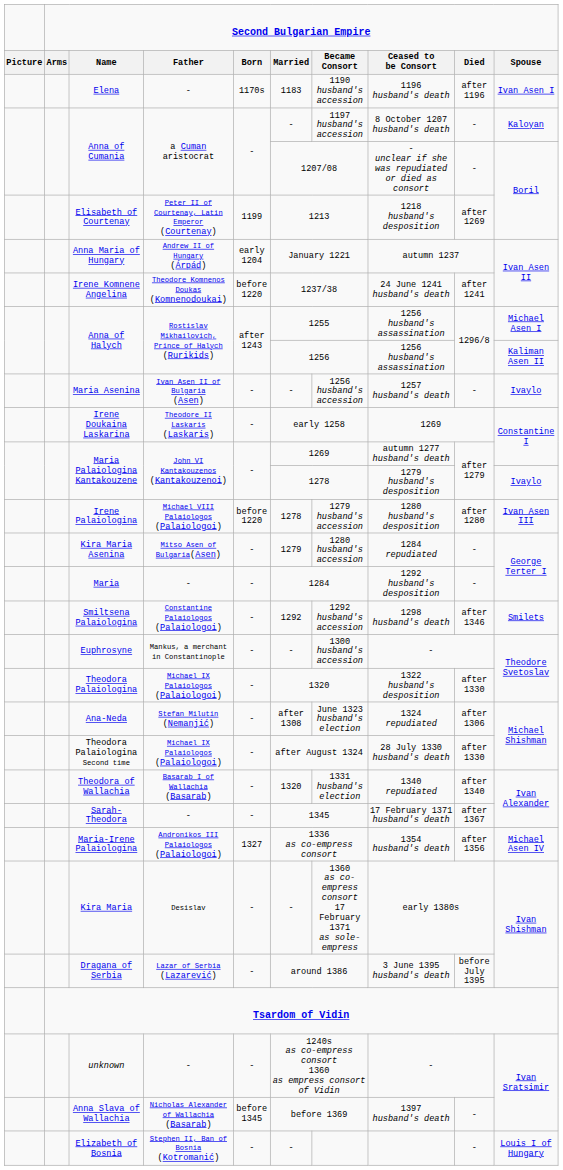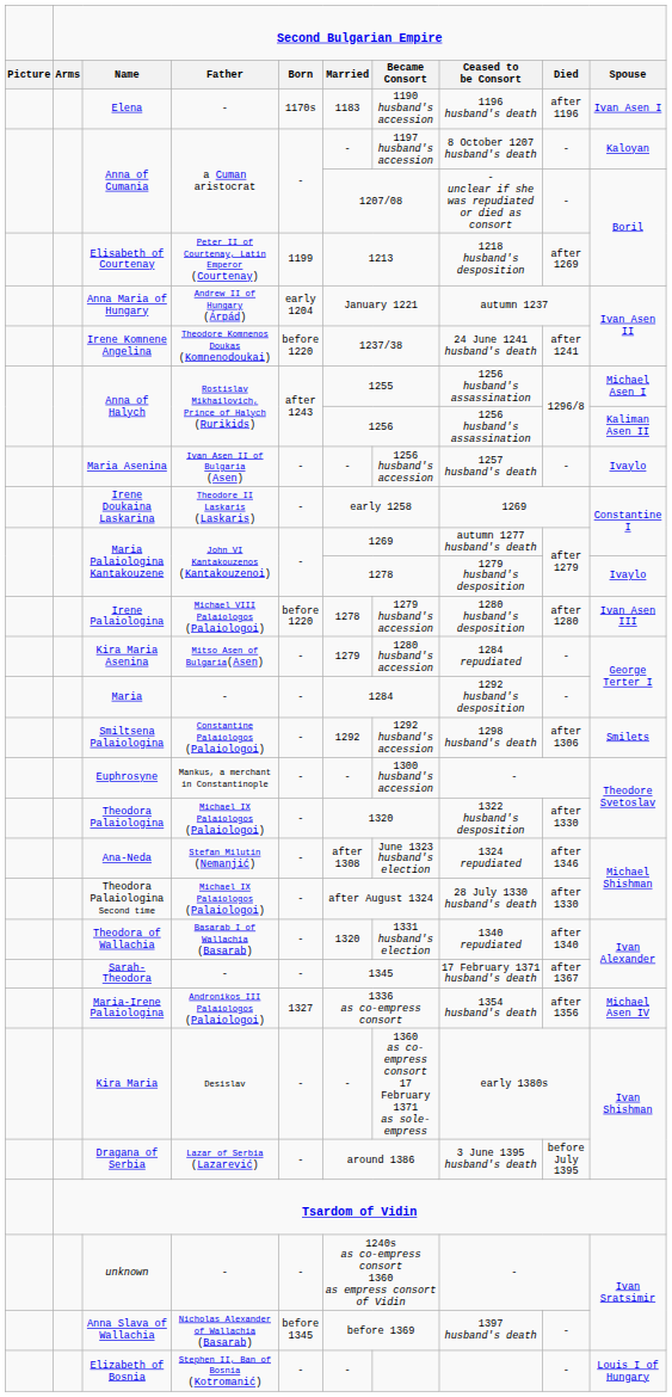 <table width=95% class="wikitable">
 <tr>
 <td></td>
 <td colspan="9" align="center"><br><h3><a href='#'>Second Bulgarian Empire</a></h3></td>
 </tr>
 <tr>
 <th>Picture</th>
 <th>Arms</th>
 <th>Name</th>
 <th>Father</th>
 <th>Born</th>
 <th>Married</th>
 <th>Became<br>Consort</th>
 <th>Ceased to<br>be Consort</th>
 <th>Died</th>
 <th>Spouse</th>
 </tr>
 <tr>
 <td></td>
 <td align="center"></td>
 <td align="center"><a href='#'>Elena</a></td>
 <td align="center">-</td>
 <td align="center">1170s</td>
 <td align="center">1183</td>
 <td align="center">1190<br><em>husband's accession</em></td>
 <td align="center">1196<br><em>husband's death</em></td>
 <td align="center">after 1196</td>
 <td align="center"><a href='#'>Ivan Asen I</a></td>
 </tr>
 <tr>
 <td rowspan="2"></td>
 <td rowspan="2" align="center"></td>
 <td align="center" rowspan="2"><a href='#'>Anna of Cumania</a></td>
 <td align="center" rowspan="2">a <a href='#'>Cuman</a> aristocrat</td>
 <td align="center" rowspan="2">-</td>
 <td align="center">-</td>
 <td align="center">1197<br><em>husband's accession</em></td>
 <td align="center">8 October 1207<br><em>husband's death</em></td>
 <td align="center">-</td>
 <td align="center"><a href='#'>Kaloyan</a></td>
 </tr>
 <tr>
 <td align="center" colspan="2">1207/08</td>
 <td align="center">-<br><em>unclear if she was repudiated or died as consort</em></td>
 <td align="center">-</td>
 <td align="center" rowspan="2"><a href='#'>Boril</a></td>
 </tr>
 <tr>
 <td></td>
 <td align="center"></td>
 <td align="center"><a href='#'>Elisabeth of Courtenay</a></td>
 <td align="center"><small><a href='#'>Peter II of Courtenay, Latin Emperor</a></small><br>(<a href='#'>Courtenay</a>)</td>
 <td align="center">1199</td>
 <td align="center" colspan="2">1213</td>
 <td align="center">1218<br><em>husband's desposition</em></td>
 <td align="center">after 1269</td>
 </tr>
 <tr>
 <td></td>
 <td align="center"></td>
 <td align="center"><a href='#'>Anna Maria of Hungary</a></td>
 <td align="center"><small><a href='#'>Andrew II of Hungary</a></small><br>(<a href='#'>Árpád</a>)</td>
 <td align="center">early 1204</td>
 <td align="center" colspan="2">January 1221</td>
 <td align="center" colspan="2">autumn 1237</td>
 <td align="center" rowspan="2"><a href='#'>Ivan Asen II</a></td>
 </tr>
 <tr>
 <td></td>
 <td align="center"></td>
 <td align="center"><a href='#'>Irene Komnene Angelina</a></td>
 <td align="center"><small><a href='#'>Theodore Komnenos Doukas</a></small><br>(<a href='#'>Komnenodoukai</a>)</td>
 <td align="center">before 1220</td>
 <td align="center" colspan="2">1237/38</td>
 <td align="center">24 June 1241<br><em>husband's death</em></td>
 <td align="center">after 1241</td>
 </tr>
 <tr>
 <td rowspan="2"></td>
 <td rowspan="2" align="center"></td>
 <td align="center" rowspan="2"><a href='#'>Anna of Halych</a></td>
 <td align="center" rowspan="2"><small><a href='#'>Rostislav Mikhailovich, Prince of Halych</a></small><br>(<a href='#'>Rurikids</a>)</td>
 <td align="center" rowspan="2">after 1243</td>
 <td align="center" colspan="2">1255</td>
 <td align="center">1256<br><em>husband's assassination</em></td>
 <td align="center" rowspan="2">1296/8</td>
 <td align="center"><a href='#'>Michael Asen I</a></td>
 </tr>
 <tr>
 <td align="center" colspan="2">1256</td>
 <td align="center">1256<br><em>husband's assassination</em></td>
 <td align="center"><a href='#'>Kaliman Asen II</a></td>
 </tr>
 <tr>
 <td></td>
 <td align="center"></td>
 <td align="center"><a href='#'>Maria Asenina</a></td>
 <td align="center"><small><a href='#'>Ivan Asen II of Bulgaria</a></small><br>(<a href='#'>Asen</a>)</td>
 <td align="center">-</td>
 <td align="center">-</td>
 <td align="center">1256<br><em>husband's accession</em></td>
 <td align="center">1257<br><em>husband's death</em></td>
 <td align="center">-</td>
 <td align="center"><a href='#'>Ivaylo</a></td>
 </tr>
 <tr>
 <td></td>
 <td align="center"></td>
 <td align="center"><a href='#'>Irene Doukaina Laskarina</a></td>
 <td align="center"><small><a href='#'>Theodore II Laskaris</a></small><br>(<a href='#'>Laskaris</a>)</td>
 <td align="center">-</td>
 <td align="center" colspan="2">early 1258</td>
 <td align="center" colspan="2">1269</td>
 <td align="center" rowspan="2"><a href='#'>Constantine I</a></td>
 </tr>
 <tr>
 <td rowspan="2"></td>
 <td rowspan="2" align="center"></td>
 <td align="center" rowspan="2"><a href='#'>Maria Palaiologina Kantakouzene</a></td>
 <td align="center" rowspan="2"><small><a href='#'>John VI Kantakouzenos</a></small><br>(<a href='#'>Kantakouzenoi</a>)</td>
 <td align="center" rowspan="2">-</td>
 <td align="center" colspan="2">1269</td>
 <td align="center">autumn 1277<br><em>husband's death</em></td>
 <td align="center" rowspan="2">after 1279</td>
 </tr>
 <tr>
 <td align="center" colspan="2">1278</td>
 <td align="center">1279<br><em>husband's desposition</em></td>
 <td align="center"><a href='#'>Ivaylo</a></td>
 </tr>
 <tr>
 <td></td>
 <td align="center"></td>
 <td align="center"><a href='#'>Irene Palaiologina</a></td>
 <td align="center"><small><a href='#'>Michael VIII Palaiologos</a></small><br>(<a href='#'>Palaiologoi</a>)</td>
 <td align="center">before 1220</td>
 <td align="center">1278</td>
 <td align="center">1279<br><em>husband's accession</em></td>
 <td align="center">1280<br><em>husband's desposition</em></td>
 <td align="center">after 1280</td>
 <td align="center"><a href='#'>Ivan Asen III</a></td>
 </tr>
 <tr>
 <td></td>
 <td align="center"></td>
 <td align="center"><a href='#'>Kira Maria Asenina</a></td>
 <td align="center"><small><a href='#'>Mitso Asen of Bulgaria</a></small>(<a href='#'>Asen</a>)</td>
 <td align="center">-</td>
 <td align="center">1279</td>
 <td align="center">1280<br><em>husband's accession</em></td>
 <td align="center">1284<br><em>repudiated</em></td>
 <td align="center">-</td>
 <td align="center" rowspan="2"><a href='#'>George Terter I</a></td>
 </tr>
 <tr>
 <td></td>
 <td align="center"></td>
 <td align="center"><a href='#'>Maria</a></td>
 <td align="center">-</td>
 <td align="center">-</td>
 <td align="center" colspan="2">1284</td>
 <td align="center">1292<br><em>husband's desposition</em></td>
 <td align="center">-</td>
 </tr>
 <tr>
 <td></td>
 <td align="center"></td>
 <td align="center"><a href='#'>Smiltsena Palaiologina</a></td>
 <td align="center"><small><a href='#'>Constantine Palaiologos</a></small><br>(<a href='#'>Palaiologoi</a>)</td>
 <td align="center">-</td>
 <td align="center">1292</td>
 <td align="center">1292<br><em>husband's accession</em></td>
 <td align="center">1298<br><em>husband's death</em></td>
-<td align="center">after 1346</td>
+<td align="center">after 1306</td>
 <td align="center"><a href='#'>Smilets</a></td>
 </tr>
 <tr>
 <td></td>
 <td align="center"></td>
 <td align="center"><a href='#'>Euphrosyne</a></td>
 <td align="center"><small>Mankus, a merchant in Constantinople</small></td>
 <td align="center">-</td>
 <td align="center">-</td>
 <td align="center">1300<br><em>husband's accession</em></td>
 <td align="center" colspan="2">-</td>
 <td align="center" rowspan="2"><a href='#'>Theodore Svetoslav</a></td>
 </tr>
 <tr>
 <td></td>
 <td align="center"></td>
 <td align="center"><a href='#'>Theodora Palaiologina</a></td>
 <td align="center"><small><a href='#'>Michael IX Palaiologos</a></small><br>(<a href='#'>Palaiologoi</a>)</td>
 <td align="center">-</td>
 <td align="center" colspan="2">1320</td>
 <td align="center">1322<br><em>husband's desposition</em></td>
 <td align="center">after 1330</td>
 </tr>
 <tr>
 <td></td>
 <td align="center"></td>
 <td align="center"><a href='#'>Ana-Neda</a></td>
 <td align="center"><small><a href='#'>Stefan Milutin</a></small><br>(<a href='#'>Nemanjić</a>)</td>
 <td align="center">-</td>
 <td align="center">after 1308</td>
 <td align="center">June 1323 <br><em>husband's election</em></td>
 <td align="center">1324<br><em>repudiated</em></td>
-<td align="center">after 1306</td>
+<td align="center">after 1346</td>
 <td align="center" rowspan="2"><a href='#'>Michael Shishman</a></td>
 </tr>
 <tr>
 <td></td>
 <td align="center"></td>
 <td align="center">Theodora Palaiologina<br><small>Second time</small></td>
 <td align="center"><small><a href='#'>Michael IX Palaiologos</a></small><br>(<a href='#'>Palaiologoi</a>)</td>
 <td align="center">-</td>
 <td align="center" colspan="2">after August 1324</td>
 <td align="center">28 July 1330<br><em>husband's death</em></td>
 <td align="center">after 1330</td>
 </tr>
 <tr>
 <td></td>
 <td align="center"></td>
 <td align="center"><a href='#'>Theodora of Wallachia</a></td>
 <td align="center"><small><a href='#'>Basarab I of Wallachia</a></small><br>(<a href='#'>Basarab</a>)</td>
 <td align="center">-</td>
 <td align="center">1320</td>
 <td align="center">1331<br><em>husband's election</em></td>
 <td align="center">1340<br><em>repudiated</em></td>
 <td align="center">after 1340</td>
 <td align="center" rowspan="2"><a href='#'>Ivan Alexander</a></td>
 </tr>
 <tr>
 <td></td>
 <td align="center"></td>
 <td align="center"><a href='#'>Sarah-Theodora</a></td>
 <td align="center">-</td>
 <td align="center">-</td>
 <td align="center" colspan="2">1345</td>
 <td align="center">17 February 1371<br><em>husband's death</em></td>
 <td align="center">after 1367</td>
 </tr>
 <tr>
 <td></td>
 <td align="center"></td>
 <td align="center"><a href='#'>Maria-Irene Palaiologina</a></td>
 <td align="center"><small><a href='#'>Andronikos III Palaiologos</a></small><br>(<a href='#'>Palaiologoi</a>)</td>
 <td align="center">1327</td>
 <td align="center" colspan="2">1336<br><em>as co-empress consort</em></td>
 <td align="center">1354<br><em>husband's death</em></td>
 <td align="center">after 1356</td>
 <td align="center"><a href='#'>Michael Asen IV</a></td>
 </tr>
 <tr>
 <td></td>
 <td align="center"></td>
 <td align="center"><a href='#'>Kira Maria</a></td>
 <td align="center"><small>Desislav</small></td>
 <td align="center">-</td>
 <td align="center">-</td>
 <td align="center">1360<br><em>as co-empress consort</em><br>17 February 1371<br><em>as sole-empress</em></td>
 <td align="center" colspan="2">early 1380s</td>
 <td align="center" rowspan="2"><a href='#'>Ivan Shishman</a></td>
 </tr>
 <tr>
 <td></td>
 <td align="center"></td>
 <td align="center"><a href='#'>Dragana of Serbia</a></td>
 <td align="center"><small><a href='#'>Lazar of Serbia</a></small><br>(<a href='#'>Lazarević</a>)</td>
 <td align="center">-</td>
 <td align="center" colspan="2">around 1386</td>
 <td align="center">3 June 1395<br><em>husband's death</em></td>
 <td align="center">before July 1395</td>
 </tr>
 <tr>
 <td></td>
 <td colspan="9" align="center"><br><h3><a href='#'>Tsardom of Vidin</a></h3></td>
 </tr>
 <tr>
 <td></td>
 <td align="center"></td>
 <td align="center"><em>unknown</em></td>
 <td align="center">-</td>
 <td align="center">-</td>
 <td align="center" colspan="2">1240s<br><em>as co-empress consort</em><br>1360<br><em>as empress consort of Vidin</em></td>
 <td align="center" colspan="2">-</td>
 <td align="center" rowspan="2"><a href='#'>Ivan Sratsimir</a></td>
 </tr>
 <tr>
 <td></td>
 <td align="center"></td>
 <td align="center"><a href='#'>Anna Slava of Wallachia</a></td>
 <td align="center"><small><a href='#'>Nicholas Alexander of Wallachia</a></small><br>(<a href='#'>Basarab</a>)</td>
 <td align="center">before 1345</td>
 <td align="center" colspan="2">before 1369</td>
 <td align="center">1397<br><em>husband's death</em></td>
 <td align="center">-</td>
 </tr>
 <tr>
 <td></td>
 <td align="center"></td>
 <td align="center"><a href='#'>Elizabeth of Bosnia</a></td>
 <td align="center"><small><a href='#'>Stephen II, Ban of Bosnia</a></small><br>(<a href='#'>Kotromanić</a>)</td>
 <td align="center">-</td>
 <td align="center">-</td>
 <td align="center"></td>
 <td align="center"></td>
 <td align="center">-</td>
 <td align="center"><a href='#'>Louis I of Hungary</a></td>
 </tr>
 </table>
